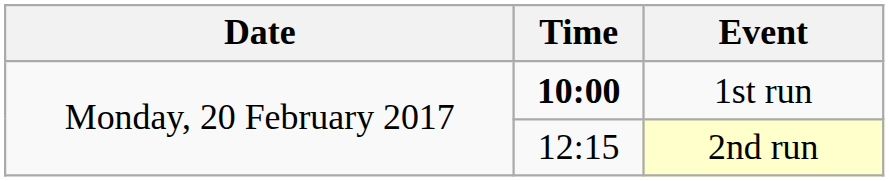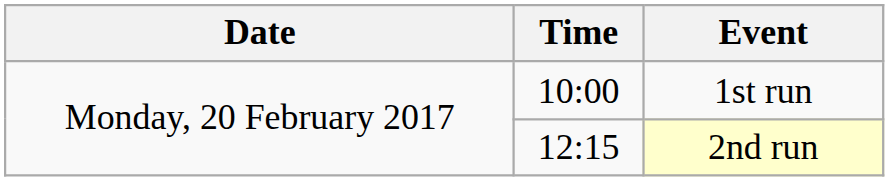 <table class = "wikitable" style="text-align:center;">
 <tr>
 <th width=220>Date</th>
 <th width=50>Time</th>
 <th width=100>Event</th>
 </tr>
 <tr>
 <td rowspan=2>Monday, 20 February 2017</td>
-<td><strong>10:00</strong></td>
+<td>10:00</td>
 <td>1st run</td>
 </tr>
 <tr>
 <td>12:15</td>
 <td bgcolor=ffffcc>2nd run</td>
 </tr>
 </table>
